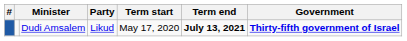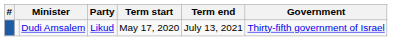 <table class=wikitable style=text-align:center>
 <tr>
 <th>#</th>
 <th colspan=2>Minister</th>
 <th>Party</th>
 <th>Term start</th>
 <th>Term end</th>
 <th>Government</th>
 </tr>
 <tr>
 <th style="background:#1F5AA5"></th>
 <td></td>
 <td><a href='#'>Dudi Amsalem</a></td>
 <td><a href='#'>Likud</a></td>
 <td>May 17, 2020</td>
-<td><strong>July 13, 2021</strong></td>
-<td><strong><a href='#'>Thirty-fifth government of Israel</a></strong></td>
+<td>July 13, 2021</td>
+<td><a href='#'>Thirty-fifth government of Israel</a></td>
 </tr>
 </table>
